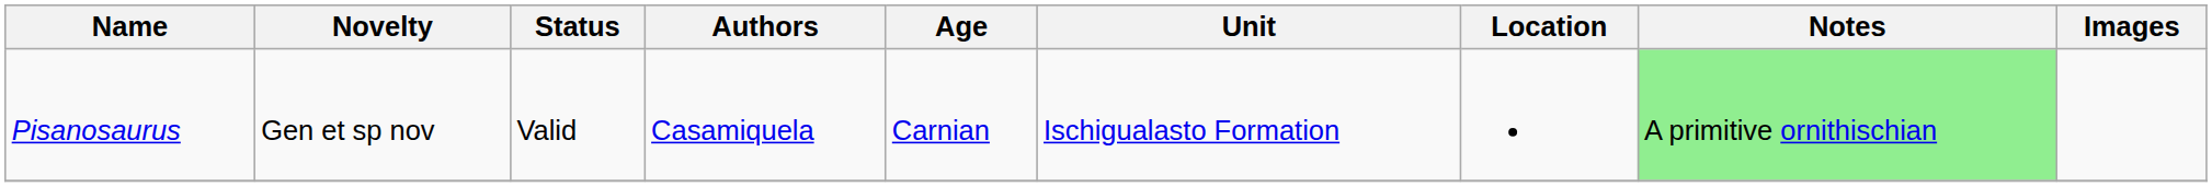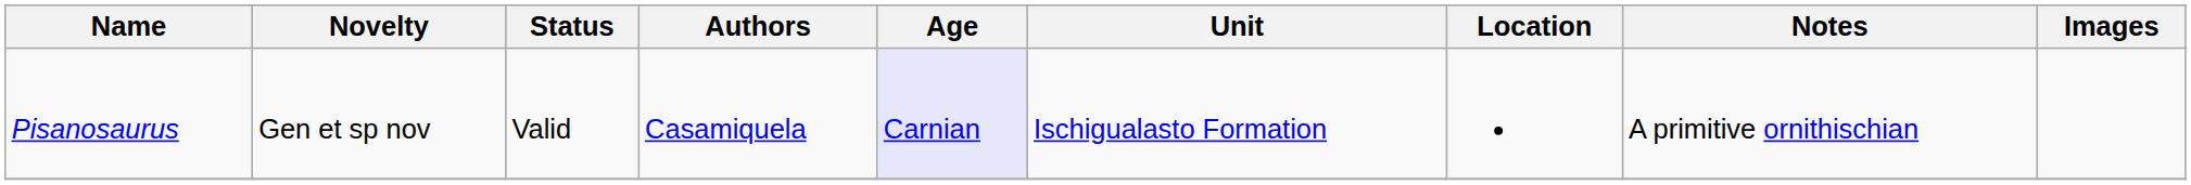 <table class="wikitable sortable" align="center" width="100%">
 <tr>
 <th>Name</th>
 <th>Novelty</th>
 <th>Status</th>
 <th>Authors</th>
 <th>Age</th>
 <th>Unit</th>
 <th>Location</th>
 <th>Notes</th>
 <th>Images</th>
 </tr>
 <tr>
 <td><br><em><a href='#'>Pisanosaurus</a></em></td>
 <td><br>Gen et sp nov</td>
 <td><br>Valid</td>
 <td><br><a href='#'>Casamiquela</a></td>
-<td><br><a href='#'>Carnian</a></td>
+<td style="background: lavender;"><br><a href='#'>Carnian</a></td>
 <td><br><a href='#'>Ischigualasto Formation</a></td>
 <td><br><ul><li></li></ul></td>
-<td style="background: lightgreen;"><br>A primitive <a href='#'>ornithischian</a></td>
+<td><br>A primitive <a href='#'>ornithischian</a></td>
 <td></td>
 </tr>
 <tr>
 </tr>
 </table>
